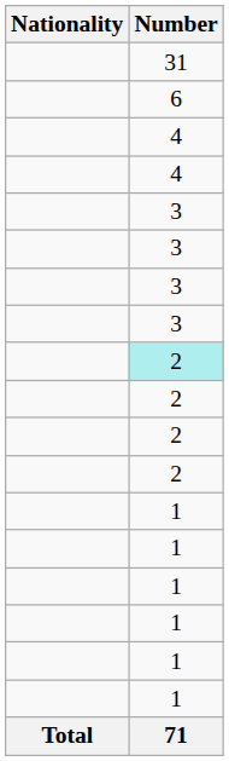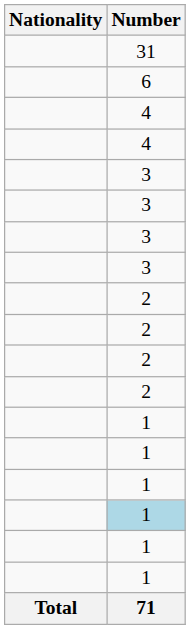 <table class="wikitable sortable">
 <tr>
 <th>Nationality</th>
 <th>Number</th>
 </tr>
 <tr>
 <td></td>
 <td align="center">31</td>
 </tr>
 <tr>
 <td></td>
 <td align="center">6</td>
 </tr>
 <tr>
 <td></td>
 <td align="center">4</td>
 </tr>
 <tr>
 <td></td>
 <td align="center">4</td>
 </tr>
 <tr>
 <td></td>
 <td align="center">3</td>
 </tr>
 <tr>
 <td></td>
 <td align="center">3</td>
 </tr>
 <tr>
 <td></td>
 <td align="center">3</td>
 </tr>
 <tr>
 <td></td>
 <td align="center">3</td>
 </tr>
 <tr>
 <td></td>
-<td align="center" style="background: paleturquoise;">2</td>
+<td align="center">2</td>
 </tr>
 <tr>
 <td></td>
 <td align="center">2</td>
 </tr>
 <tr>
 <td></td>
 <td align="center">2</td>
 </tr>
 <tr>
 <td></td>
 <td align="center">2</td>
 </tr>
 <tr>
 <td></td>
 <td align="center">1</td>
 </tr>
 <tr>
 <td></td>
 <td align="center">1</td>
 </tr>
 <tr>
 <td></td>
 <td align="center">1</td>
 </tr>
 <tr>
 <td></td>
-<td align="center">1</td>
+<td align="center" style="background: lightblue;">1</td>
 </tr>
 <tr>
 <td></td>
 <td align="center">1</td>
 </tr>
 <tr>
 <td></td>
 <td align="center">1</td>
 </tr>
 <tr>
 <th>Total</th>
 <th>71</th>
 </tr>
 </table>
